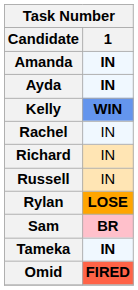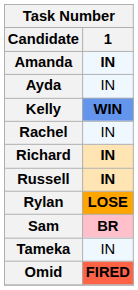 <table class="wikitable" style="text-align:center">
 <tr>
 <th colspan="14">Task Number</th>
 </tr>
 <tr>
 <th>Candidate</th>
 <th>1</th>
 </tr>
 <tr>
 <th>Amanda</th>
 <td bgcolor="#F0F8FF"><strong>IN</strong></td>
 </tr>
 <tr>
 <th>Ayda</th>
-<td bgcolor="#F0F8FF"><strong>IN</strong></td>
+<td bgcolor="#F0F8FF">IN</td>
 </tr>
 <tr>
 <th>Kelly</th>
 <td bgcolor="cornflowerblue"><strong>WIN</strong></td>
 </tr>
 <tr>
 <th>Rachel</th>
 <td bgcolor="#F0F8FF">IN</td>
 </tr>
 <tr>
 <th>Richard</th>
-<td bgcolor="#FFE5B4">IN</td>
+<td bgcolor="#FFE5B4"><strong>IN</strong></td>
 </tr>
 <tr>
 <th>Russell</th>
-<td bgcolor="#FFE5B4">IN</td>
+<td bgcolor="#FFE5B4"><strong>IN</strong></td>
 </tr>
 <tr>
 <th>Rylan</th>
 <td bgcolor="orange"><strong>LOSE</strong></td>
 </tr>
 <tr>
 <th>Sam</th>
 <td bgcolor="pink"><strong>BR</strong></td>
 </tr>
 <tr>
 <th>Tameka</th>
-<td bgcolor="#F0F8FF"><strong>IN</strong></td>
+<td bgcolor="#F0F8FF">IN</td>
 </tr>
 <tr>
 <th>Omid</th>
 <td bgcolor="tomato"><strong>FIRED</strong></td>
 </tr>
 <tr>
 </tr>
 </table>
